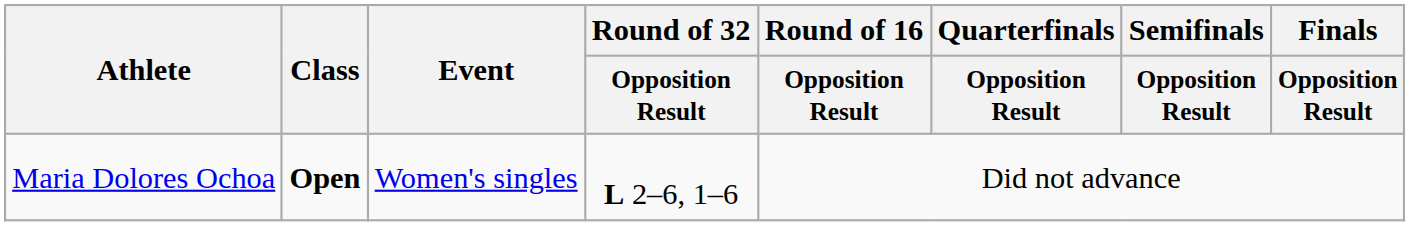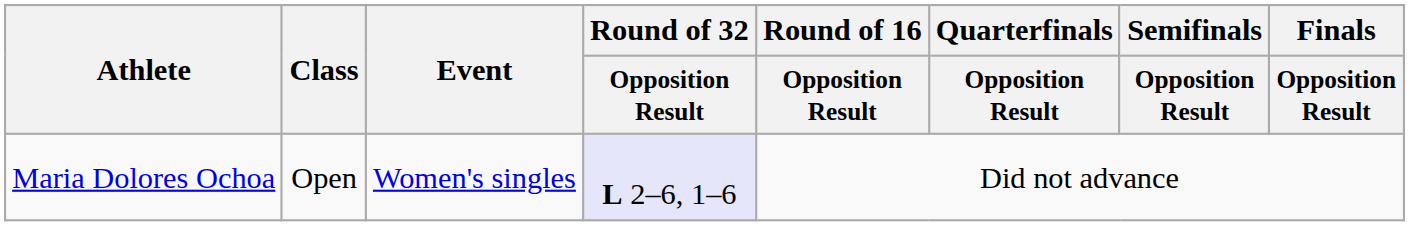 <table class=wikitable style="font-size:90%">
 <tr>
 <th rowspan="2">Athlete</th>
 <th rowspan="2">Class</th>
 <th rowspan="2">Event</th>
 <th>Round of 32</th>
 <th>Round of 16</th>
 <th>Quarterfinals</th>
 <th>Semifinals</th>
 <th>Finals</th>
 </tr>
 <tr>
 <th style="line-height:1em"><small>Opposition<br>Result</small></th>
 <th style="line-height:1em"><small>Opposition<br>Result</small></th>
 <th style="line-height:1em"><small>Opposition<br>Result</small></th>
 <th style="line-height:1em"><small>Opposition<br>Result</small></th>
 <th style="line-height:1em"><small>Opposition<br>Result</small></th>
 </tr>
 <tr>
 <td><a href='#'>Maria Dolores Ochoa</a></td>
-<td style="text-align:center;"><strong>Open</strong></td>
+<td style="text-align:center;">Open</td>
 <td><a href='#'>Women's singles</a></td>
-<td style="text-align:center;"><br><strong>L</strong> 2–6, 1–6</td>
+<td style="background: lavender; text-align:center;"><br><strong>L</strong> 2–6, 1–6</td>
 <td style="text-align:center;" colspan="4">Did not advance</td>
 </tr>
 </table>
